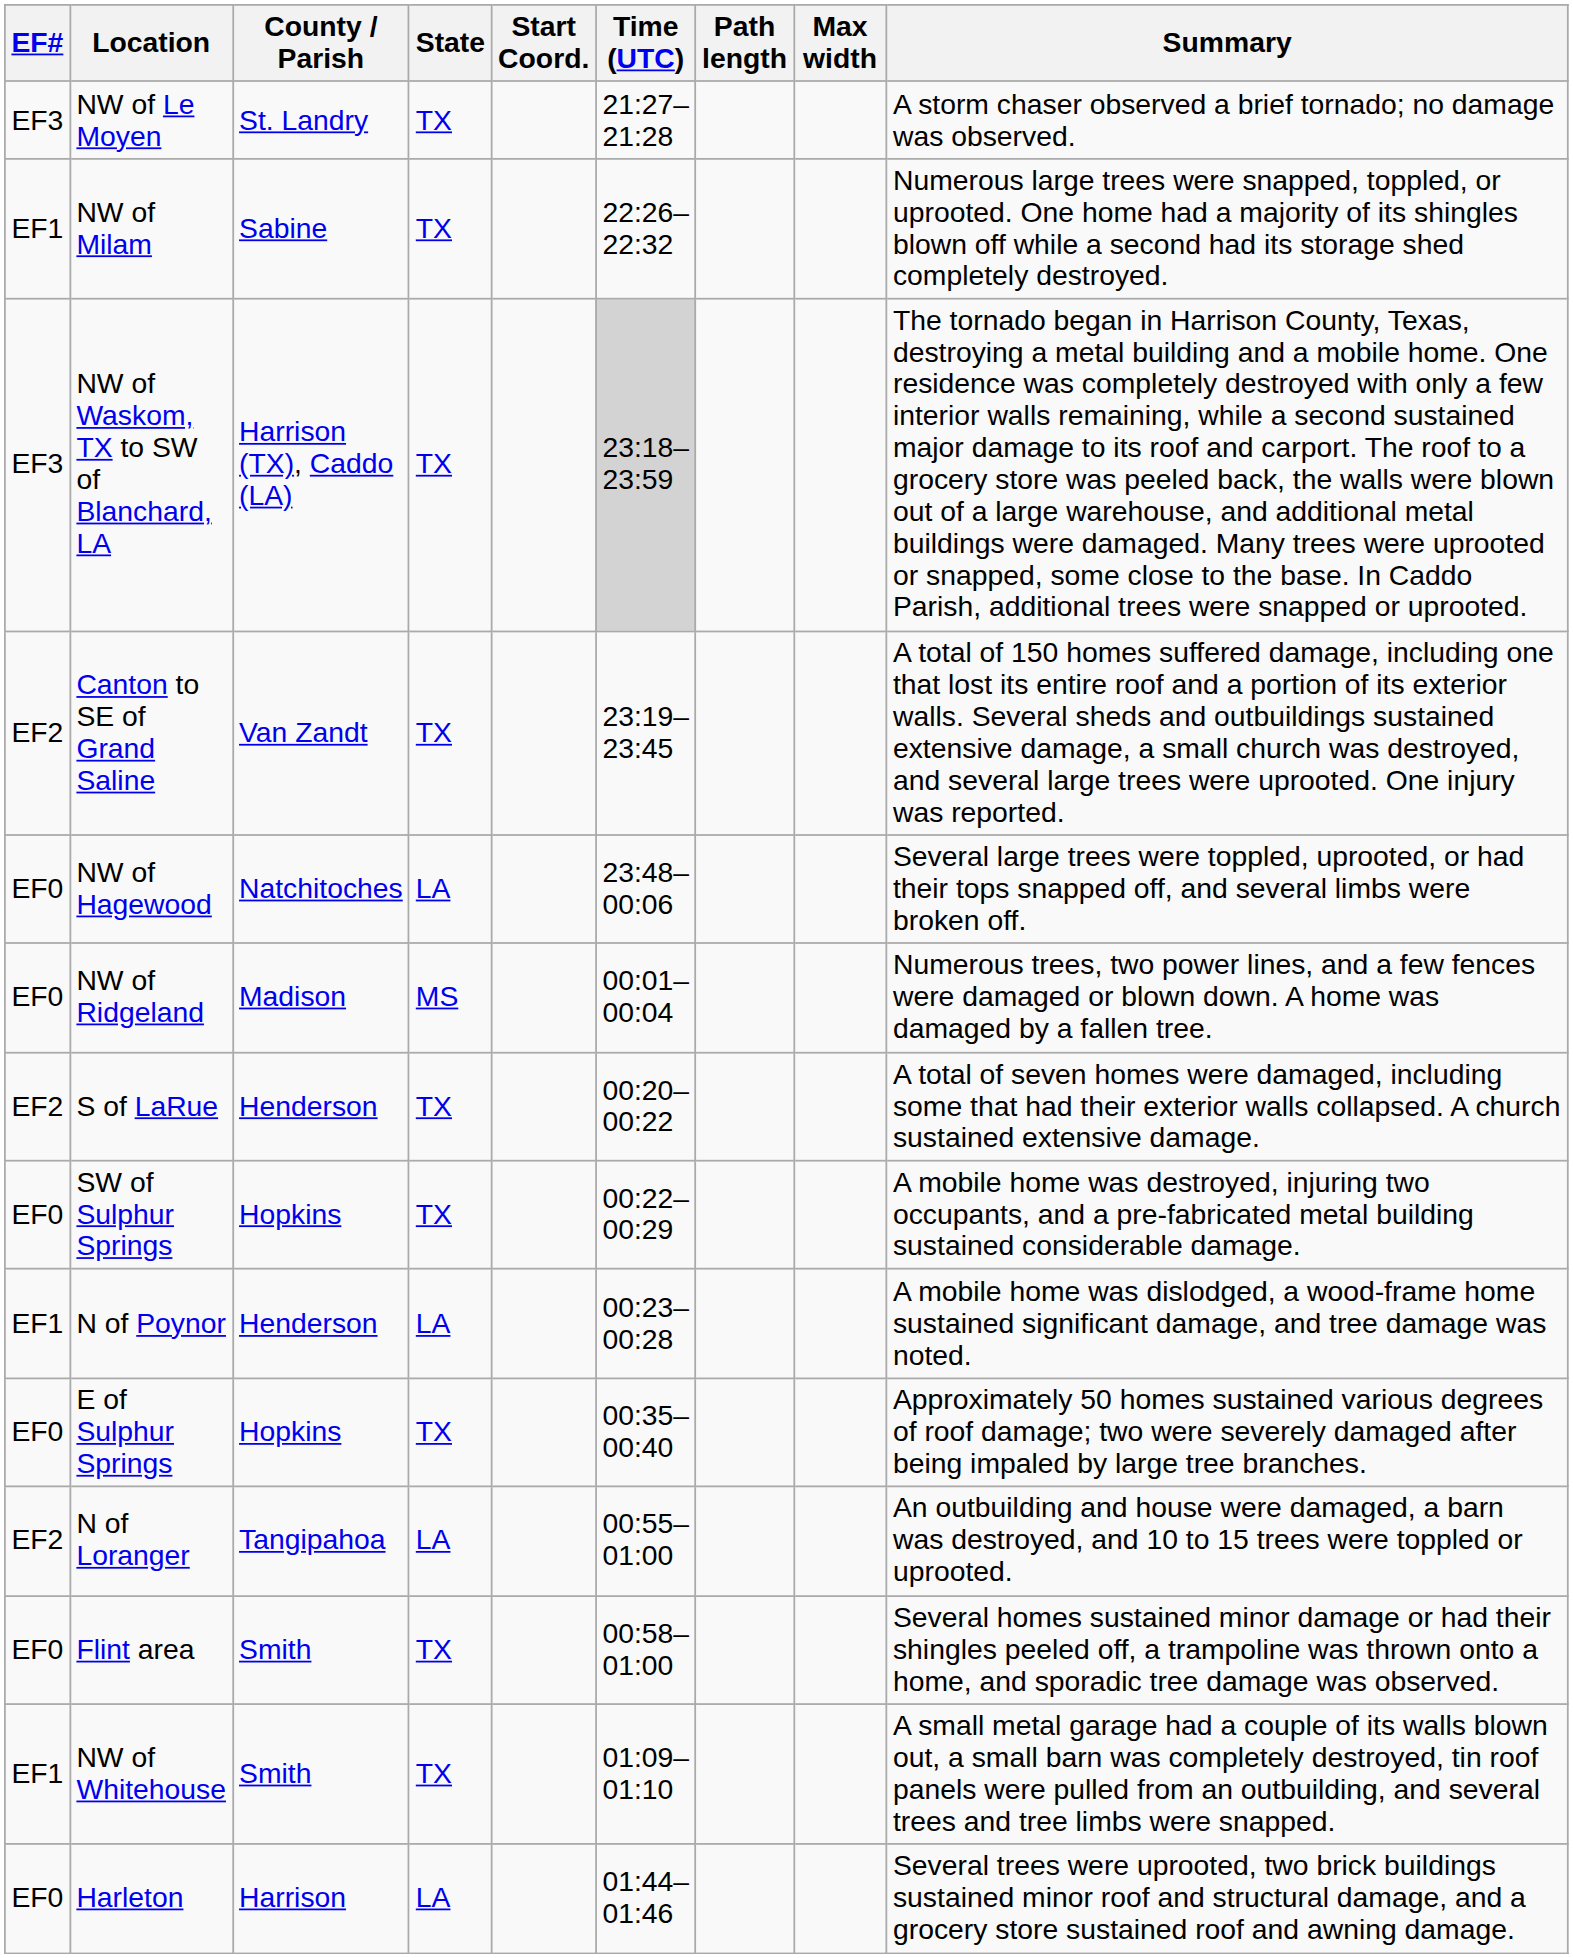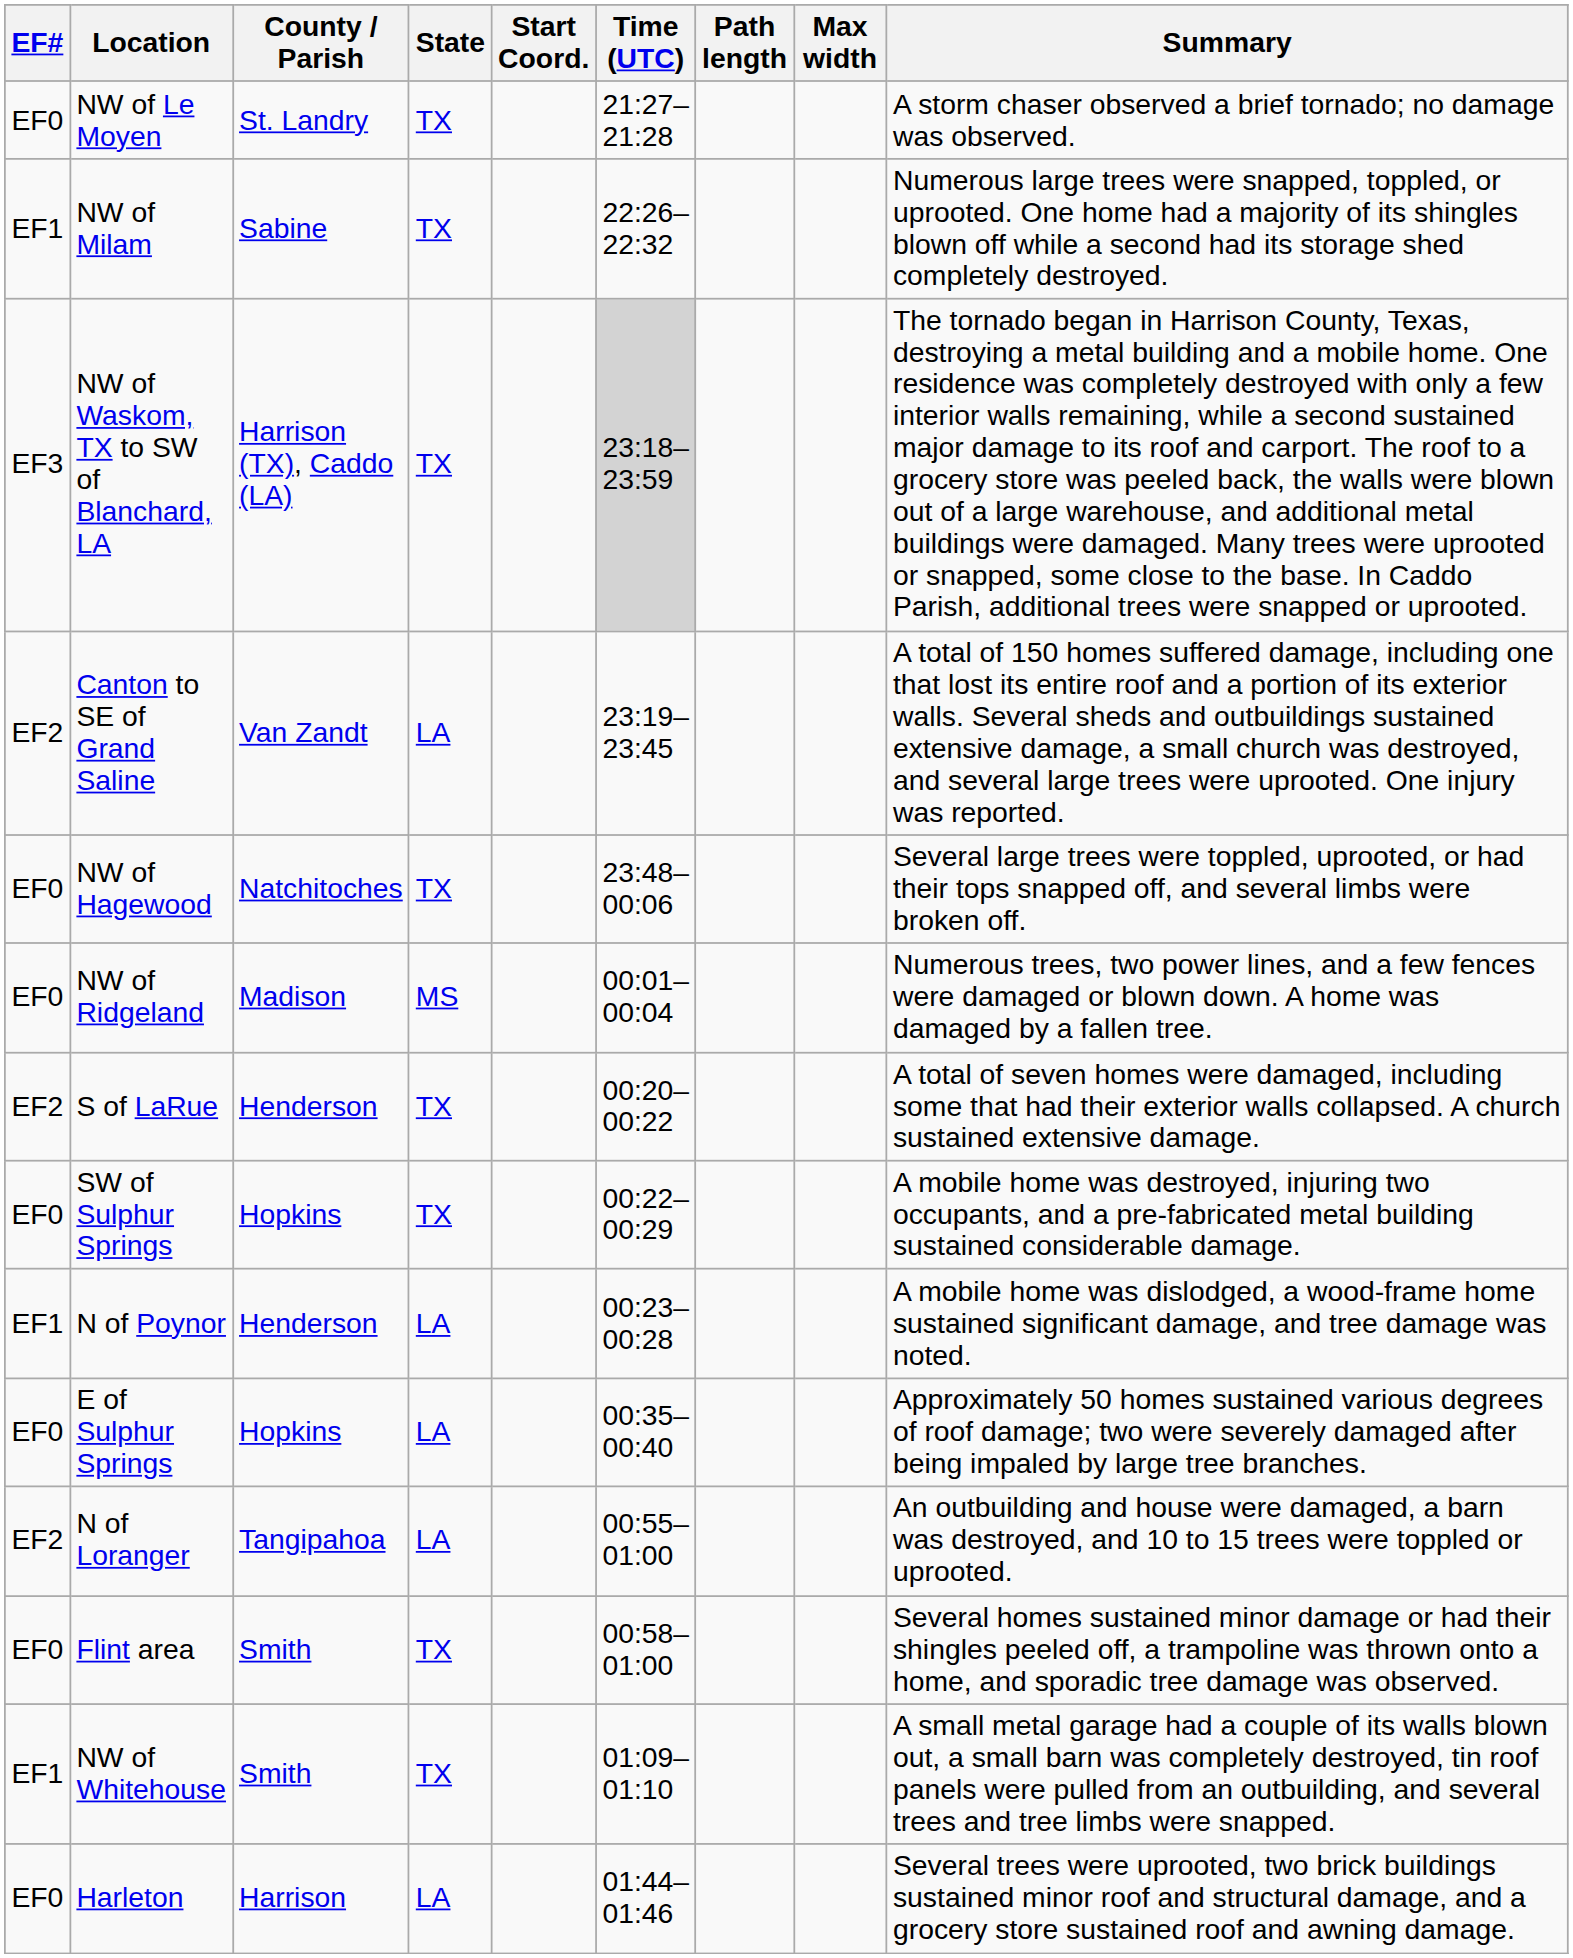 <table class="wikitable sortable" style="width:100%;">
 <tr>
 <th scope="col" width="3%" align="center"><a href='#'>EF#</a></th>
 <th scope="col" width="7%" align="center" class="unsortable">Location</th>
 <th scope="col" width="6%" align="center" class="unsortable">County / Parish</th>
 <th scope="col" width="5%" align="center">State</th>
 <th scope="col" width="6%" align="center">Start Coord.</th>
 <th scope="col" width="6%" align="center">Time (<a href='#'>UTC</a>)</th>
 <th scope="col" width="6%" align="center">Path length</th>
 <th scope="col" width="6%" align="center">Max width</th>
 <th scope="col" width="48%" class="unsortable" align="center">Summary</th>
 </tr>
 <tr>
-<td>EF3</td>
+<td>EF0</td>
 <td>NW of <a href='#'>Le Moyen</a></td>
 <td><a href='#'>St. Landry</a></td>
 <td><a href='#'>TX</a></td>
 <td></td>
 <td>21:27–21:28</td>
 <td></td>
 <td></td>
 <td>A storm chaser observed a brief tornado; no damage was observed.</td>
 </tr>
 <tr>
 <td>EF1</td>
 <td>NW of <a href='#'>Milam</a></td>
 <td><a href='#'>Sabine</a></td>
 <td><a href='#'>TX</a></td>
 <td></td>
 <td>22:26–22:32</td>
 <td></td>
 <td></td>
 <td>Numerous large trees were snapped, toppled, or uprooted. One home had a majority of its shingles blown off while a second had its storage shed completely destroyed.</td>
 </tr>
 <tr>
 <td>EF3</td>
 <td>NW of <a href='#'>Waskom, TX</a> to SW of <a href='#'>Blanchard, LA</a></td>
 <td><a href='#'>Harrison (TX)</a>, <a href='#'>Caddo (LA)</a></td>
 <td><a href='#'>TX</a></td>
 <td></td>
 <td style="background: lightgrey;">23:18–23:59</td>
 <td></td>
 <td></td>
 <td>The tornado began in Harrison County, Texas, destroying a metal building and a mobile home. One residence was completely destroyed with only a few interior walls remaining, while a second sustained major damage to its roof and carport. The roof to a grocery store was peeled back, the walls were blown out of a large warehouse, and additional metal buildings were damaged. Many trees were uprooted or snapped, some close to the base. In Caddo Parish, additional trees were snapped or uprooted.</td>
 </tr>
 <tr>
 <td>EF2</td>
 <td><a href='#'>Canton</a> to SE of <a href='#'>Grand Saline</a></td>
 <td><a href='#'>Van Zandt</a></td>
-<td><a href='#'>TX</a></td>
+<td><a href='#'>LA</a></td>
 <td></td>
 <td>23:19–23:45</td>
 <td></td>
 <td></td>
 <td>A total of 150 homes suffered damage, including one that lost its entire roof and a portion of its exterior walls. Several sheds and outbuildings sustained extensive damage, a small church was destroyed, and several large trees were uprooted. One injury was reported.</td>
 </tr>
 <tr>
 <td>EF0</td>
 <td>NW of <a href='#'>Hagewood</a></td>
 <td><a href='#'>Natchitoches</a></td>
-<td><a href='#'>LA</a></td>
+<td><a href='#'>TX</a></td>
 <td></td>
 <td>23:48–00:06</td>
 <td></td>
 <td></td>
 <td>Several large trees were toppled, uprooted, or had their tops snapped off, and several limbs were broken off.</td>
 </tr>
 <tr>
 <td>EF0</td>
 <td>NW of <a href='#'>Ridgeland</a></td>
 <td><a href='#'>Madison</a></td>
 <td><a href='#'>MS</a></td>
 <td></td>
 <td>00:01–00:04</td>
 <td></td>
 <td></td>
 <td>Numerous trees, two power lines, and a few fences were damaged or blown down. A home was damaged by a fallen tree.</td>
 </tr>
 <tr>
 <td>EF2</td>
 <td>S of <a href='#'>LaRue</a></td>
 <td><a href='#'>Henderson</a></td>
 <td><a href='#'>TX</a></td>
 <td></td>
 <td>00:20–00:22</td>
 <td></td>
 <td></td>
 <td>A total of seven homes were damaged, including some that had their exterior walls collapsed. A church sustained extensive damage.</td>
 </tr>
 <tr>
 <td>EF0</td>
 <td>SW of <a href='#'>Sulphur Springs</a></td>
 <td><a href='#'>Hopkins</a></td>
 <td><a href='#'>TX</a></td>
 <td></td>
 <td>00:22–00:29</td>
 <td></td>
 <td></td>
 <td>A mobile home was destroyed, injuring two occupants, and a pre-fabricated metal building sustained considerable damage.</td>
 </tr>
 <tr>
 <td>EF1</td>
 <td>N of <a href='#'>Poynor</a></td>
 <td><a href='#'>Henderson</a></td>
 <td><a href='#'>LA</a></td>
 <td></td>
 <td>00:23–00:28</td>
 <td></td>
 <td></td>
 <td>A mobile home was dislodged, a wood-frame home sustained significant damage, and tree damage was noted.</td>
 </tr>
 <tr>
 <td>EF0</td>
 <td>E of <a href='#'>Sulphur Springs</a></td>
 <td><a href='#'>Hopkins</a></td>
-<td><a href='#'>TX</a></td>
+<td><a href='#'>LA</a></td>
 <td></td>
 <td>00:35–00:40</td>
 <td></td>
 <td></td>
 <td>Approximately 50 homes sustained various degrees of roof damage; two were severely damaged after being impaled by large tree branches.</td>
 </tr>
 <tr>
 <td>EF2</td>
 <td>N of <a href='#'>Loranger</a></td>
 <td><a href='#'>Tangipahoa</a></td>
 <td><a href='#'>LA</a></td>
 <td></td>
 <td>00:55–01:00</td>
 <td></td>
 <td></td>
 <td>An outbuilding and house were damaged, a barn was destroyed, and 10 to 15 trees were toppled or uprooted.</td>
 </tr>
 <tr>
 <td>EF0</td>
 <td><a href='#'>Flint</a> area</td>
 <td><a href='#'>Smith</a></td>
 <td><a href='#'>TX</a></td>
 <td></td>
 <td>00:58–01:00</td>
 <td></td>
 <td></td>
 <td>Several homes sustained minor damage or had their shingles peeled off, a trampoline was thrown onto a home, and sporadic tree damage was observed.</td>
 </tr>
 <tr>
 <td>EF1</td>
 <td>NW of <a href='#'>Whitehouse</a></td>
 <td><a href='#'>Smith</a></td>
 <td><a href='#'>TX</a></td>
 <td></td>
 <td>01:09–01:10</td>
 <td></td>
 <td></td>
 <td>A small metal garage had a couple of its walls blown out, a small barn was completely destroyed, tin roof panels were pulled from an outbuilding, and several trees and tree limbs were snapped.</td>
 </tr>
 <tr>
 <td>EF0</td>
 <td><a href='#'>Harleton</a></td>
 <td><a href='#'>Harrison</a></td>
 <td><a href='#'>LA</a></td>
 <td></td>
 <td>01:44–01:46</td>
 <td></td>
 <td></td>
 <td>Several trees were uprooted, two brick buildings sustained minor roof and structural damage, and a grocery store sustained roof and awning damage.</td>
 </tr>
 <tr>
 </tr>
 </table>
